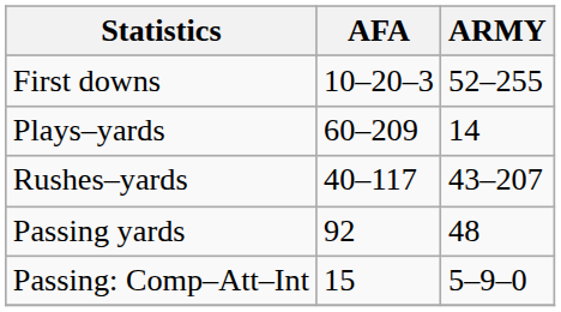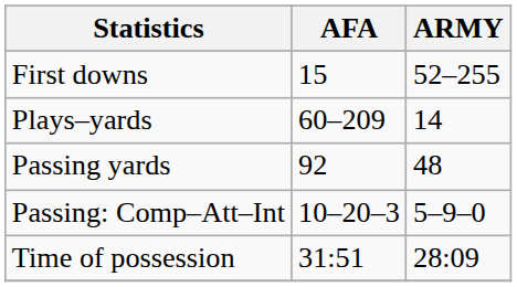 <table class="wikitable" style="float: left;">
 <tr>
 <th>Statistics</th>
 <th>AFA</th>
 <th>ARMY</th>
 </tr>
 <tr>
 <td>First downs</td>
-<td>10–20–3</td>
+<td>15</td>
 <td>52–255</td>
 </tr>
 <tr>
 <td>Plays–yards</td>
 <td>60–209</td>
 <td>14</td>
 </tr>
 <tr>
-<td>Rushes–yards</td>
-<td>40–117</td>
-<td>43–207</td>
-</tr>
-<tr>
 <td>Passing yards</td>
 <td>92</td>
 <td>48</td>
 </tr>
 <tr>
 <td>Passing: Comp–Att–Int</td>
-<td>15</td>
+<td>10–20–3</td>
 <td>5–9–0</td>
+</tr>
+<tr>
+<td>Time of possession</td>
+<td>31:51</td>
+<td>28:09</td>
 </tr>
 <tr>
 </tr>
 </table>
